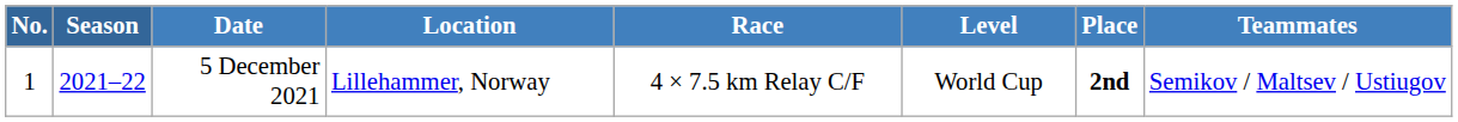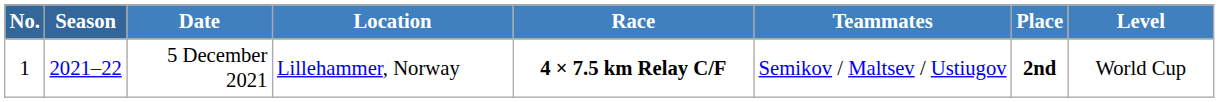 <table class="wikitable sortable" style="font-size:95%; text-align:center; border:grey solid 1px; border-collapse:collapse; background:#ffffff;">
 <tr style="background:#efefef;">
 <th style="background-color:#369; color:white;">No.</th>
 <th style="background-color:#369; color:white;">Season</th>
 <th style="background-color:#4180be; color:white; width:100px;">Date</th>
 <th style="background-color:#4180be; color:white; width:170px;">Location</th>
 <th style="background-color:#4180be; color:white; width:170px;">Race</th>
+<th style="background-color:#4180be; color:white;">Teammates</th>
+<th style="background-color:#4180be; color:white;">Place</th>
 <th style="background-color:#4180be; color:white; width:100px;">Level</th>
-<th style="background-color:#4180be; color:white;">Place</th>
-<th style="background-color:#4180be; color:white;">Teammates</th>
 </tr>
 <tr>
 <td align=center>1</td>
 <td align=center><a href='#'>2021–22</a></td>
 <td align=right>5 December 2021</td>
 <td align=left> <a href='#'>Lillehammer</a>, Norway</td>
-<td>4 × 7.5 km Relay C/F</td>
+<td><strong>4 × 7.5 km Relay C/F</strong></td>
+<td><a href='#'>Semikov</a> / <a href='#'>Maltsev</a> / <a href='#'>Ustiugov</a></td>
+<td><strong>2nd</strong></td>
 <td>World Cup</td>
-<td><strong>2nd</strong></td>
-<td><a href='#'>Semikov</a> / <a href='#'>Maltsev</a> / <a href='#'>Ustiugov</a></td>
 </tr>
 </table>
